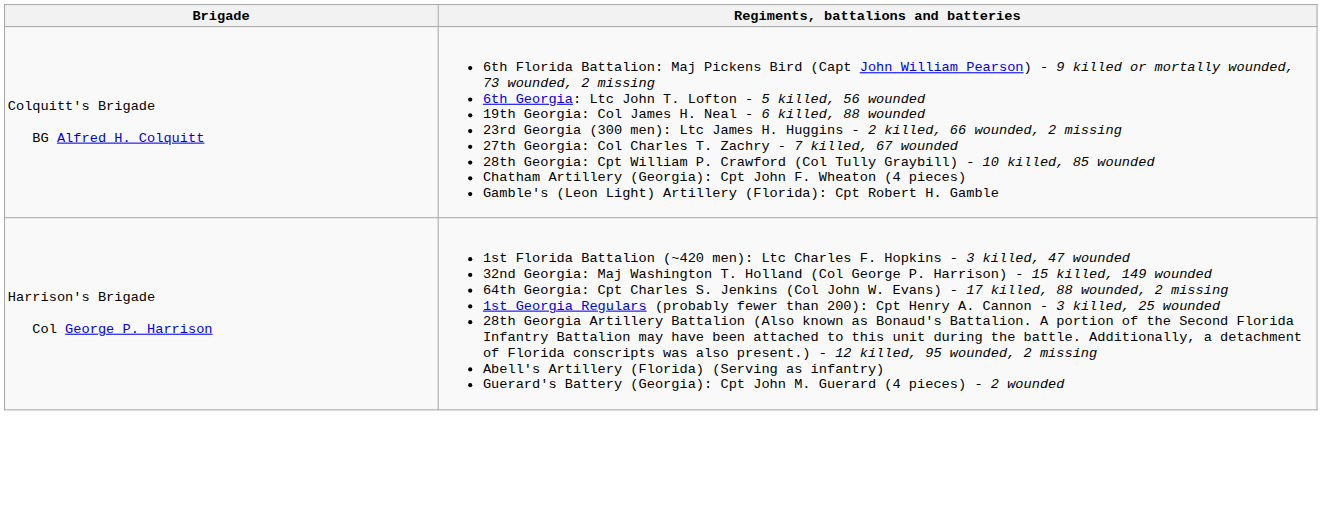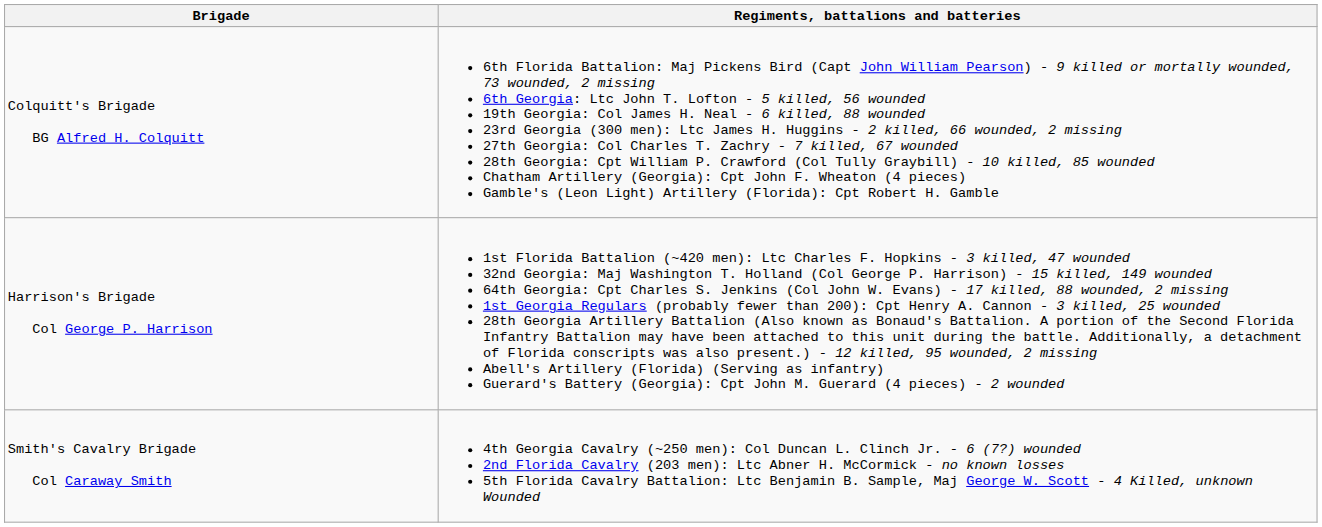 <table class="wikitable">
 <tr>
 <th width=33%>Brigade</th>
 <th><strong>Regiments, battalions and batteries</strong></th>
 </tr>
 <tr>
 <td>Colquitt's Brigade<br><br>   BG <a href='#'>Alfred H. Colquitt</a></td>
 <td><br><ul><li>6th Florida Battalion: Maj Pickens Bird (Capt <a href='#'>John William Pearson</a>) <em>- 9 killed or mortally wounded, 73 wounded, 2 missing</em></li><li><a href='#'>6th Georgia</a>: Ltc John T. Lofton <em>- 5 killed, 56 wounded</em></li><li>19th Georgia: Col James H. Neal <em>- 6 killed, 88 wounded</em></li><li>23rd Georgia (300 men): Ltc James H. Huggins <em>- 2 killed, 66 wounded, 2 missing</em></li><li>27th Georgia: Col Charles T. Zachry <em>- 7 killed, 67 wounded</em></li><li>28th Georgia: Cpt William P. Crawford (Col Tully Graybill) <em>- 10 killed, 85 wounded</em></li><li>Chatham Artillery (Georgia): Cpt John F. Wheaton (4 pieces)</li><li>Gamble's (Leon Light) Artillery (Florida): Cpt Robert H. Gamble</li></ul></td>
 </tr>
 <tr>
 <td>Harrison's Brigade<br><br>   Col <a href='#'>George P. Harrison</a></td>
 <td><br><ul><li>1st Florida Battalion (~420 men): Ltc Charles F. Hopkins <em>- 3 killed, 47 wounded</em></li><li>32nd Georgia: Maj Washington T. Holland (Col George P. Harrison) <em>- 15 killed, 149 wounded</em></li><li>64th Georgia: Cpt Charles S. Jenkins (Col John W. Evans) <em>- 17 killed, 88 wounded, 2 missing</em></li><li><a href='#'>1st Georgia Regulars</a> (probably fewer than 200): Cpt Henry A. Cannon <em>- 3 killed, 25 wounded</em></li><li>28th Georgia Artillery Battalion (Also known as Bonaud's Battalion. A portion of the Second Florida Infantry Battalion may have been attached to this unit during the battle. Additionally, a detachment of Florida conscripts was also present.) <em>- 12 killed, 95 wounded, 2 missing</em></li><li>Abell's Artillery (Florida) (Serving as infantry)</li><li>Guerard's Battery (Georgia): Cpt John M. Guerard (4 pieces) <em>- 2 wounded</em></li></ul></td>
 </tr>
+<tr>
+<td>Smith's Cavalry Brigade<br><br>   Col <a href='#'>Caraway Smith</a></td>
+<td><br><ul><li>4th Georgia Cavalry (~250 men): Col Duncan L. Clinch Jr. <em>- 6 (7?) wounded</em></li><li><a href='#'>2nd Florida Cavalry</a> (203 men): Ltc Abner H. McCormick <em>- no known losses</em></li><li>5th Florida Cavalry Battalion: Ltc Benjamin B. Sample, Maj <a href='#'>George W. Scott</a> <em>- 4 Killed, unknown Wounded</em></li></ul></td>
+</tr>
 </table>
